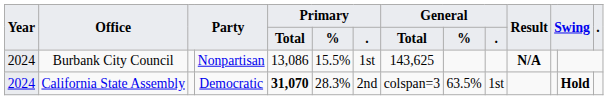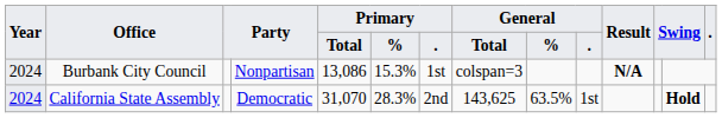 <table class="wikitable" style="font-size:90%; text-align:center;">
 <tr>
 <th style="background-color:#EAECF0;" rowspan=2>Year</th>
 <th style="background-color:#EAECF0;" rowspan=2>Office</th>
 <th style="background-color:#EAECF0;" colspan=2 rowspan=2>Party</th>
 <th style="background-color:#EAECF0;" colspan=3>Primary</th>
 <th style="background-color:#EAECF0;" colspan=3>General</th>
 <th style="background-color:#EAECF0;" rowspan=2>Result</th>
 <th style="background-color:#EAECF0;" colspan=2 rowspan=2><a href='#'>Swing</a></th>
 <th style="background-color:#EAECF0;" rowspan=2>.</th>
 </tr>
 <tr>
 <th style="background-color:#EAECF0;">Total</th>
 <th style="background-color:#EAECF0;">%</th>
 <th style="background-color:#EAECF0;">.</th>
 <th style="background-color:#EAECF0;">Total</th>
 <th style="background-color:#EAECF0;">%</th>
 <th style="background-color:#EAECF0;">.</th>
 </tr>
 <tr>
 <td style="background-color:#EAECF0;">2024</td>
 <td>Burbank City Council</td>
 <td style="background-color:"></td>
 <td><a href='#'>Nonpartisan</a></td>
 <td>13,086</td>
-<td>15.5%</td>
+<td>15.3%</td>
 <td>1st</td>
-<td>143,625</td>
+<td>colspan=3 </td>
 <td></td>
 <td style="background-color:"></td>
 <td><strong>N/A</strong></td>
 <td></td>
 </tr>
 <tr>
 <td style="background-color:#EAECF0;"><a href='#'>2024</a></td>
 <td><a href='#'>California State Assembly</a></td>
 <td style="background-color:"></td>
 <td><a href='#'>Democratic</a></td>
-<td><strong>31,070</strong></td>
+<td>31,070</td>
 <td>28.3%</td>
 <td>2nd</td>
-<td>colspan=3 </td>
+<td>143,625</td>
 <td>63.5%</td>
 <td>1st</td>
 <td></td>
 <td style="background-color:"></td>
 <td><strong>Hold</strong></td>
 <td></td>
 </tr>
 </table>
